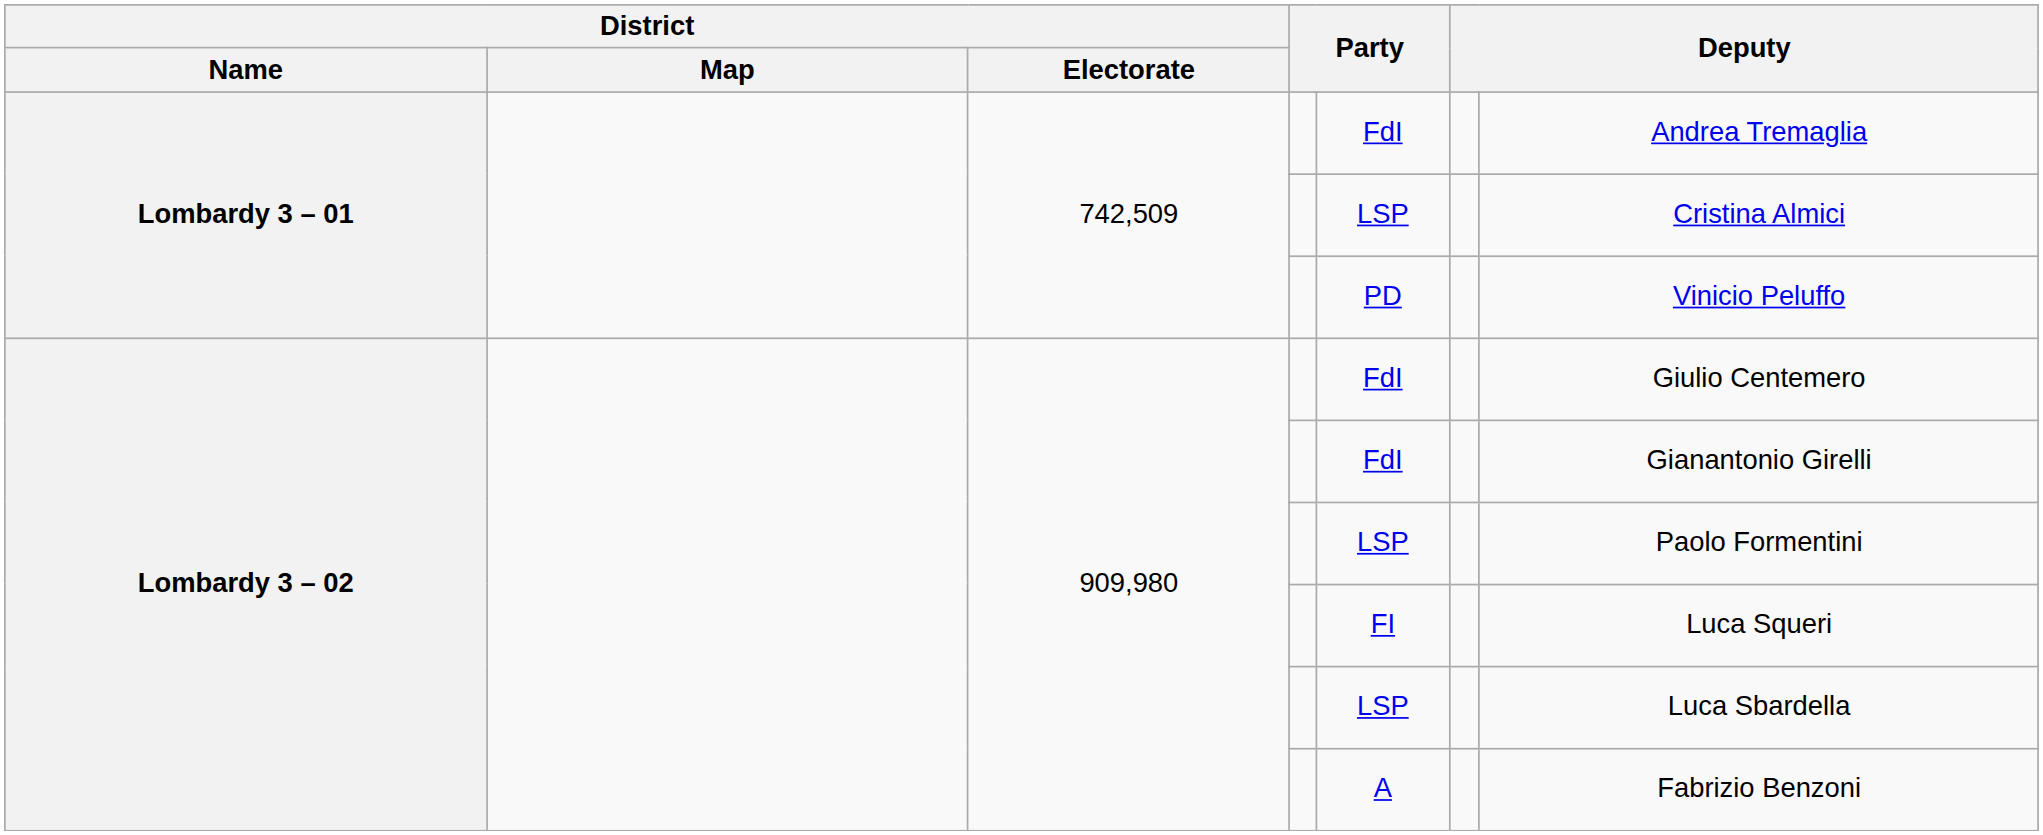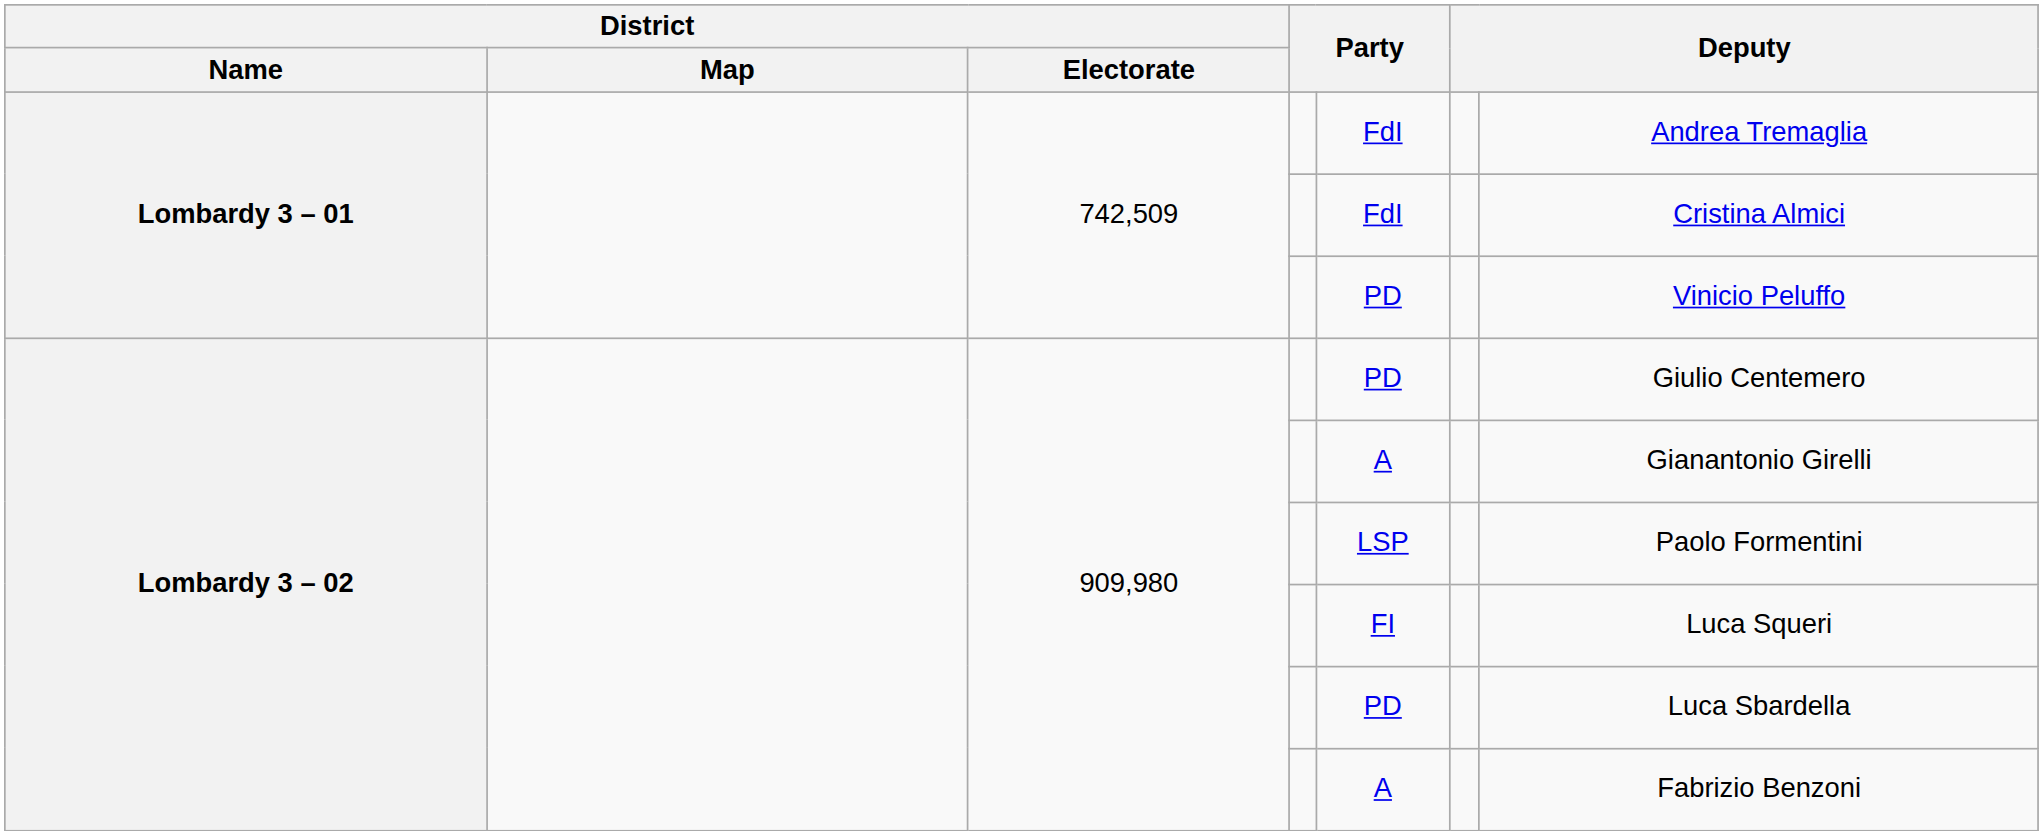 <table class="wikitable" style="text-align:center; style="width=60%">
 <tr>
 <th width=35% colspan="3">District</th>
 <th width=6% colspan="2" rowspan="2">Party</th>
 <th width=22% colspan="2" rowspan="2">Deputy</th>
 </tr>
 <tr>
 <th width=18%>Name</th>
 <th width=18%>Map</th>
 <th width=12%>Electorate</th>
 </tr>
 <tr style="height:3em;">
 <th rowspan="3">Lombardy 3 – 01</th>
 <td rowspan="3"></td>
 <td rowspan="3">742,509</td>
 <td style="background:"></td>
 <td><a href='#'>FdI</a></td>
 <td></td>
 <td><a href='#'>Andrea Tremaglia</a></td>
 </tr>
 <tr style="height:3em;">
 <td style="background:"></td>
-<td><a href='#'>LSP</a></td>
+<td><a href='#'>FdI</a></td>
 <td></td>
 <td><a href='#'>Cristina Almici</a></td>
 </tr>
 <tr style="height:3em;">
 <td style="background:"></td>
 <td><a href='#'>PD</a></td>
 <td></td>
 <td><a href='#'>Vinicio Peluffo</a></td>
 </tr>
 <tr style="height:3em;">
 <th rowspan="6">Lombardy 3 – 02</th>
 <td rowspan="6"></td>
 <td rowspan="6">909,980</td>
 <td style="background:"></td>
-<td><a href='#'>FdI</a></td>
+<td><a href='#'>PD</a></td>
 <td></td>
 <td>Giulio Centemero</td>
 </tr>
 <tr style="height:3em;">
 <td style="background:"></td>
-<td><a href='#'>FdI</a></td>
+<td><a href='#'>A</a></td>
 <td></td>
 <td>Gianantonio Girelli</td>
 </tr>
 <tr style="height:3em;">
 <td style="background:"></td>
 <td><a href='#'>LSP</a></td>
 <td></td>
 <td>Paolo Formentini</td>
 </tr>
 <tr style="height:3em;">
 <td style="background:"></td>
 <td><a href='#'>FI</a></td>
 <td></td>
 <td>Luca Squeri</td>
 </tr>
 <tr style="height:3em;">
 <td style="background:"></td>
-<td><a href='#'>LSP</a></td>
+<td><a href='#'>PD</a></td>
 <td></td>
 <td>Luca Sbardella</td>
 </tr>
 <tr style="height:3em;">
 <td style="background:"></td>
 <td><a href='#'>A</a></td>
 <td></td>
 <td>Fabrizio Benzoni</td>
 </tr>
 </table>
